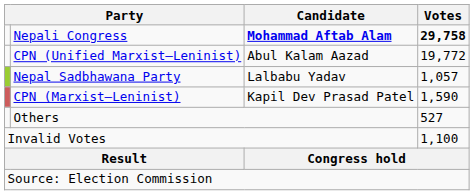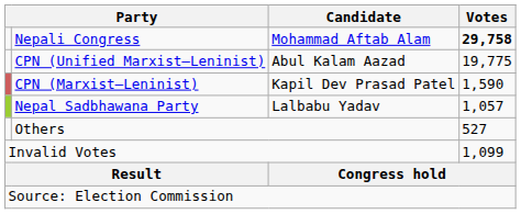 <table class="wikitable">
 <tr>
 <th colspan="2">Party</th>
 <th>Candidate</th>
 <th>Votes</th>
 </tr>
 <tr>
 <td style="background-color:"></td>
 <td><a href='#'>Nepali Congress</a></td>
-<td><strong><a href='#'>Mohammad Aftab Alam</a></strong></td>
+<td><a href='#'>Mohammad Aftab Alam</a></td>
 <td><strong>29,758</strong></td>
 </tr>
 <tr>
 <td style="background-color:"></td>
 <td><a href='#'>CPN (Unified Marxist–Leninist)</a></td>
 <td>Abul Kalam Aazad</td>
-<td>19,772</td>
+<td>19,775</td>
+</tr>
+<tr>
+<td style="background-color:indianred"></td>
+<td><a href='#'>CPN (Marxist–Leninist)</a></td>
+<td>Kapil Dev Prasad Patel</td>
+<td>1,590</td>
 </tr>
 <tr>
 <td style="background-color:yellowgreen"></td>
 <td><a href='#'>Nepal Sadbhawana Party</a></td>
 <td>Lalbabu Yadav</td>
 <td>1,057</td>
 </tr>
 <tr>
-<td style="background-color:indianred"></td>
-<td><a href='#'>CPN (Marxist–Leninist)</a></td>
-<td>Kapil Dev Prasad Patel</td>
-<td>1,590</td>
-</tr>
-<tr>
 <td></td>
 <td colspan="2">Others</td>
 <td>527</td>
 </tr>
 <tr>
 <td colspan="3">Invalid Votes</td>
-<td>1,100</td>
+<td>1,099</td>
 </tr>
 <tr>
 <th colspan="2">Result</th>
 <th colspan="2">Congress hold</th>
 </tr>
 <tr>
 <td colspan="4">Source: Election Commission</td>
 </tr>
 </table>
